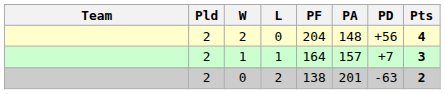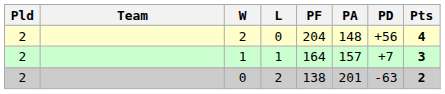 <table class=wikitable style="text-align:center">
 <tr>
+<th width=30>Pld</th>
 <th width=180>Team</th>
-<th width=30>Pld</th>
 <th width=30>W</th>
 <th width=30>L</th>
 <th width=30>PF</th>
 <th width=30>PA</th>
 <th width=30>PD</th>
 <th width=30>Pts</th>
 </tr>
 <tr bgcolor="#ffffcc">
+<td>2</td>
 <td align=left></td>
-<td>2</td>
 <td>2</td>
 <td>0</td>
 <td>204</td>
 <td>148</td>
 <td>+56</td>
 <td><strong>4</strong></td>
 </tr>
 <tr bgcolor="#ccffcf">
+<td>2</td>
 <td align=left></td>
-<td>2</td>
 <td>1</td>
 <td>1</td>
 <td>164</td>
 <td>157</td>
 <td>+7</td>
 <td><strong>3</strong></td>
 </tr>
 <tr bgcolor="#cccccc">
+<td>2</td>
 <td align=left></td>
-<td>2</td>
 <td>0</td>
 <td>2</td>
 <td>138</td>
 <td>201</td>
 <td>-63</td>
 <td><strong>2</strong></td>
 </tr>
 </table>
